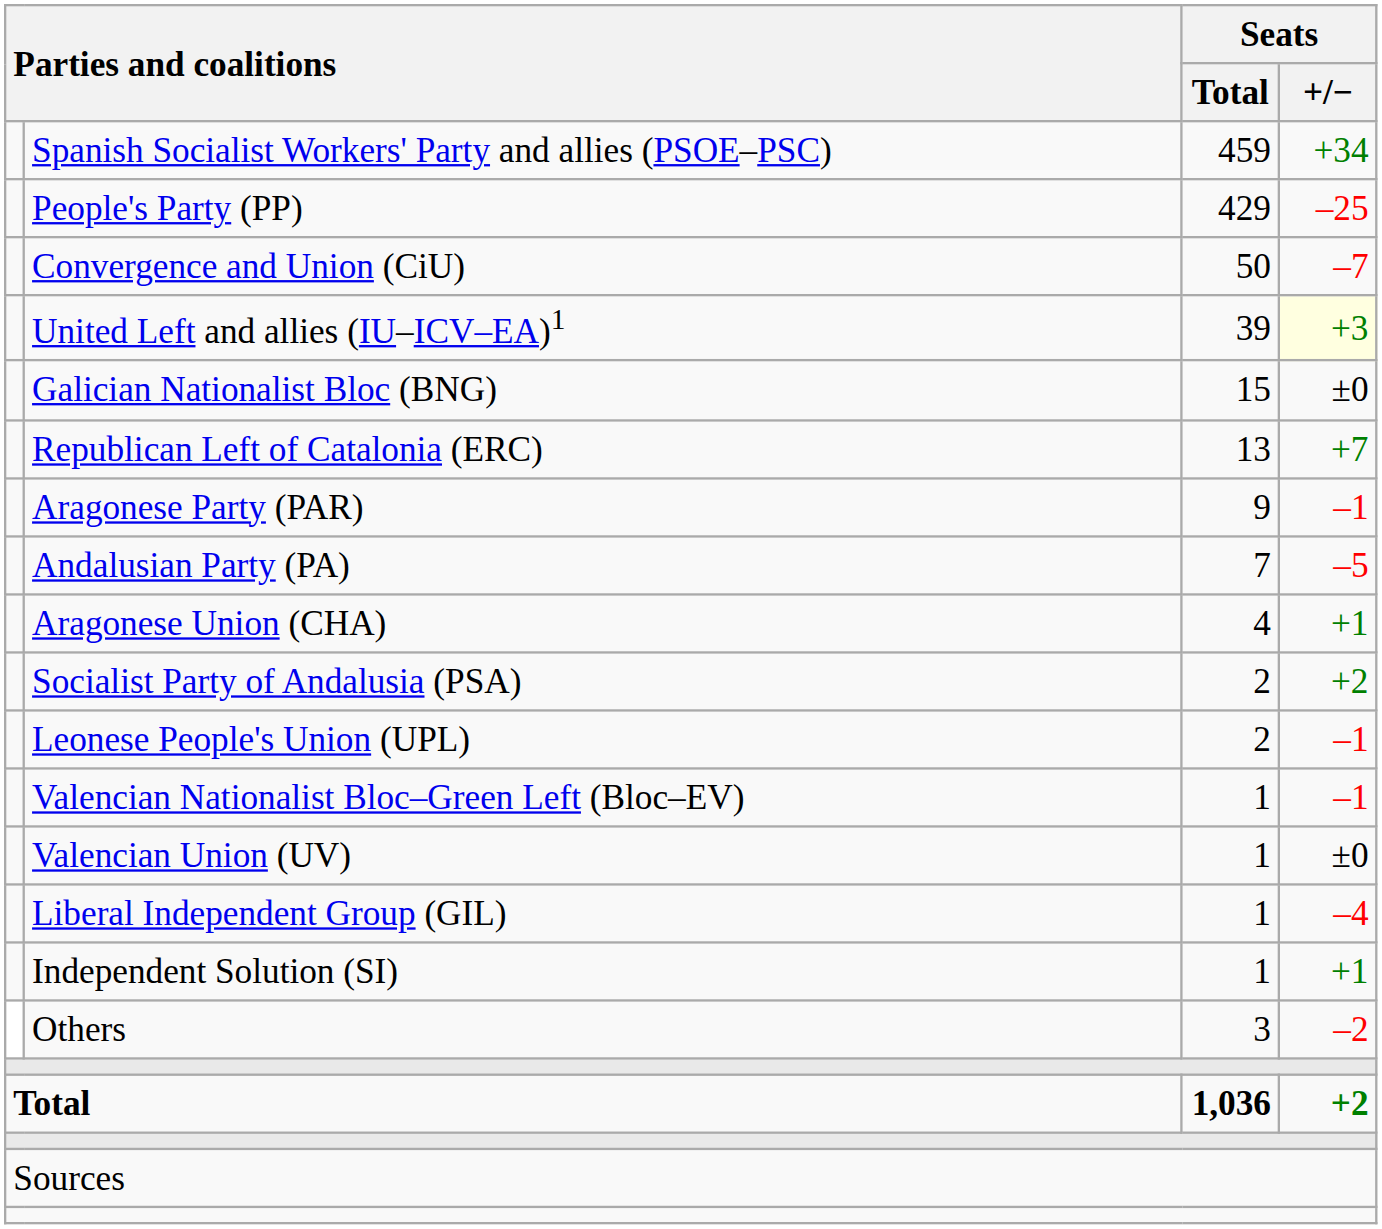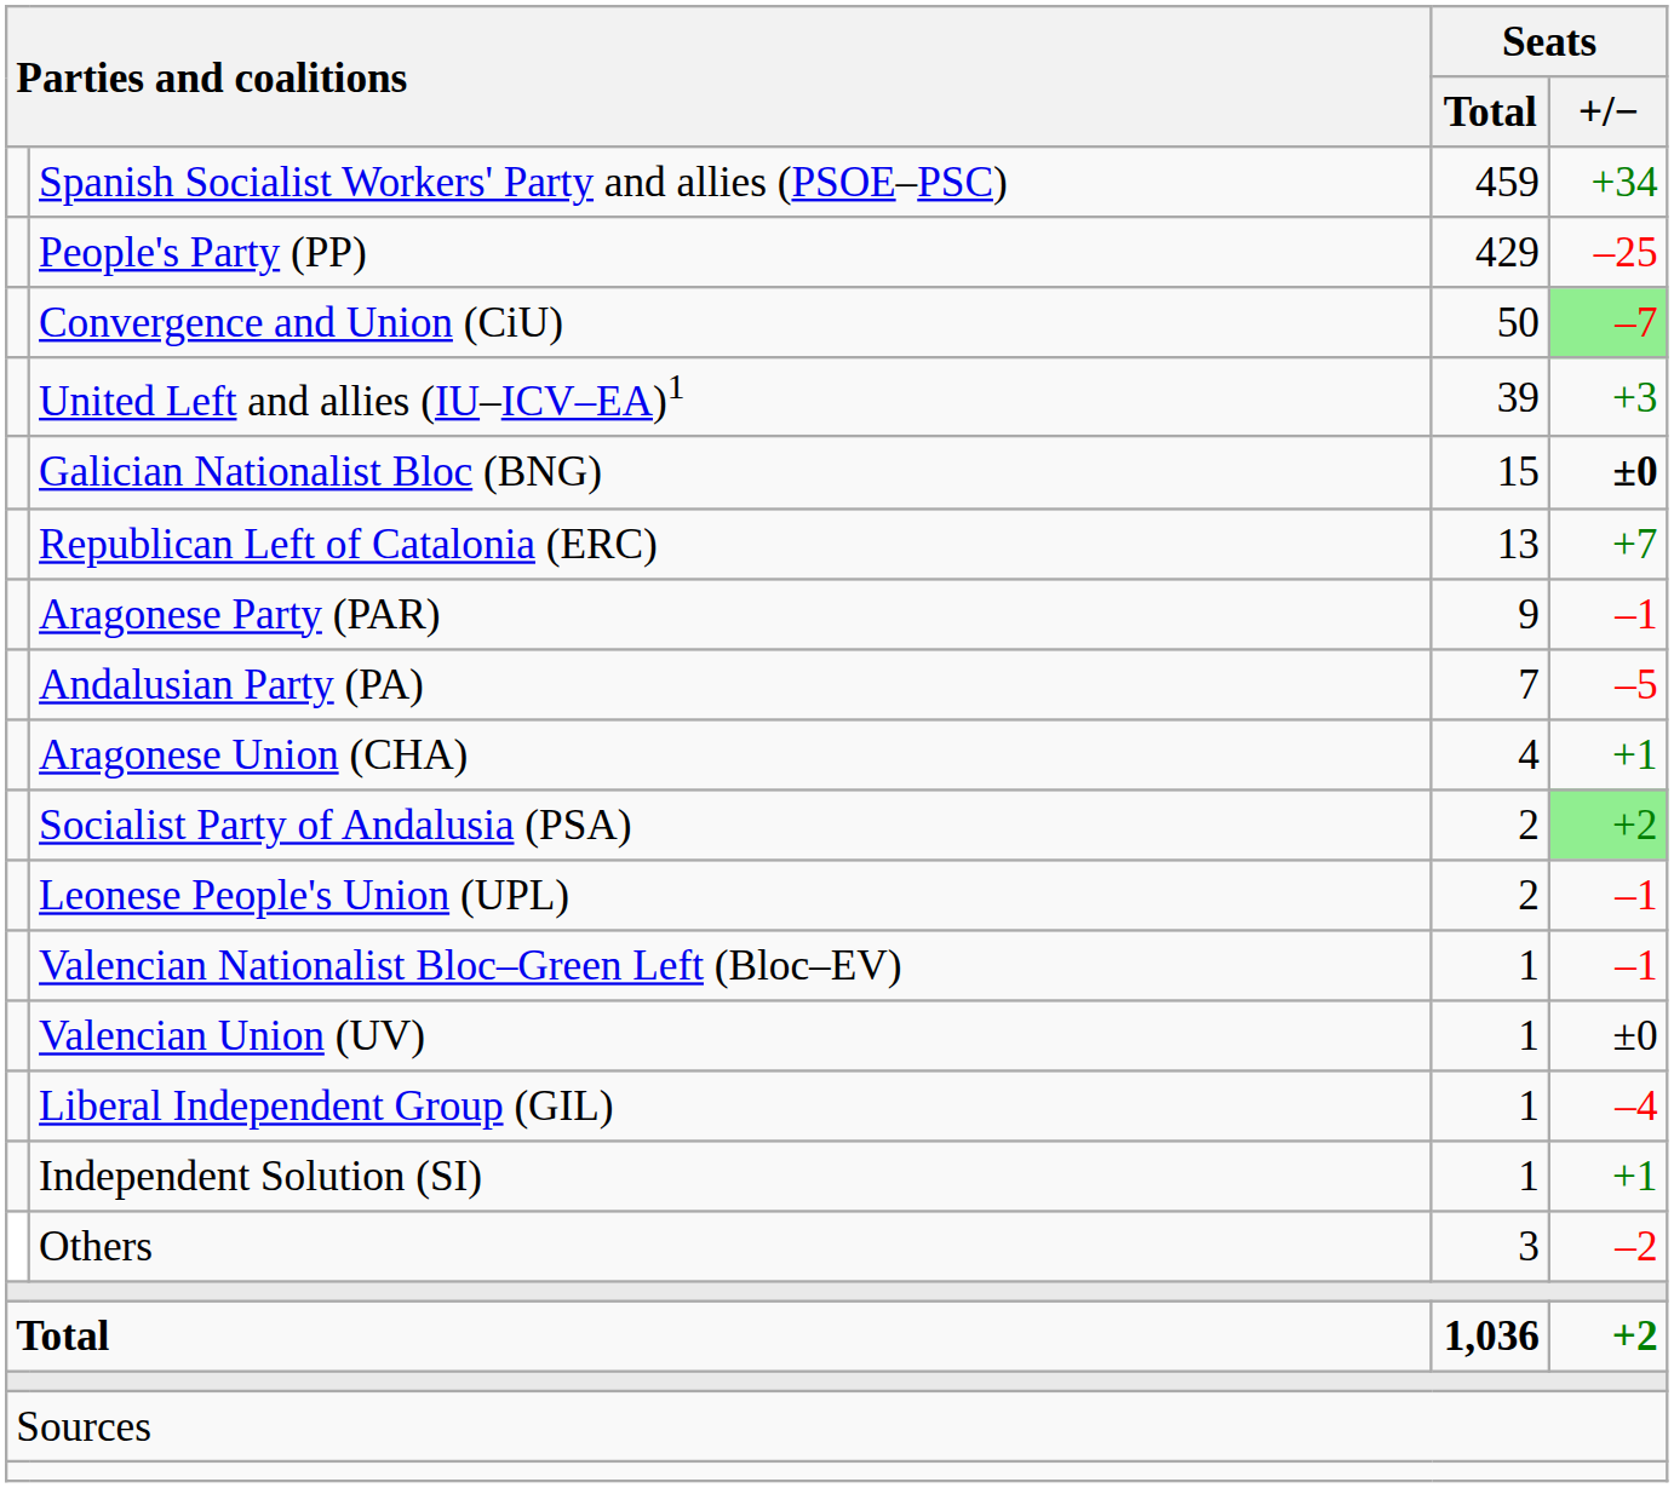 <table class="wikitable" style="text-align:right; font-size:95%;">
 <tr>
 <th style="text-align:left;" rowspan="2" colspan="2" width="500">Parties and coalitions</th>
 <th colspan="2">Seats</th>
 </tr>
 <tr>
 <th width="35">Total</th>
 <th width="35">+/−</th>
 </tr>
 <tr>
 <td width="1" style="color:inherit;background:"></td>
 <td align="left"><a href='#'>Spanish Socialist Workers' Party</a> and allies (<a href='#'>PSOE</a>–<a href='#'>PSC</a>)</td>
 <td>459</td>
 <td style="color:green;">+34</td>
 </tr>
 <tr>
 <td style="color:inherit;background:"></td>
 <td align="left"><a href='#'>People's Party</a> (PP)</td>
 <td>429</td>
 <td style="color:red;">–25</td>
 </tr>
 <tr>
 <td style="color:inherit;background:"></td>
 <td align="left"><a href='#'>Convergence and Union</a> (CiU)</td>
 <td>50</td>
-<td style="color:red;">–7</td>
+<td style="background: lightgreen; color:red;">–7</td>
 </tr>
 <tr>
 <td style="color:inherit;background:"></td>
 <td align="left"><a href='#'>United Left</a> and allies (<a href='#'>IU</a>–<a href='#'>ICV–EA</a>)<sup>1</sup></td>
 <td>39</td>
-<td style="background: lightyellow; color:green;">+3</td>
+<td style="color:green;">+3</td>
 </tr>
 <tr>
 <td style="color:inherit;background:"></td>
 <td align="left"><a href='#'>Galician Nationalist Bloc</a> (BNG)</td>
 <td>15</td>
-<td>±0</td>
+<td><strong>±0</strong></td>
 </tr>
 <tr>
 <td style="color:inherit;background:"></td>
 <td align="left"><a href='#'>Republican Left of Catalonia</a> (ERC)</td>
 <td>13</td>
 <td style="color:green;">+7</td>
 </tr>
 <tr>
 <td style="color:inherit;background:"></td>
 <td align="left"><a href='#'>Aragonese Party</a> (PAR)</td>
 <td>9</td>
 <td style="color:red;">–1</td>
 </tr>
 <tr>
 <td style="color:inherit;background:"></td>
 <td align="left"><a href='#'>Andalusian Party</a> (PA)</td>
 <td>7</td>
 <td style="color:red;">–5</td>
 </tr>
 <tr>
 <td style="color:inherit;background:"></td>
 <td align="left"><a href='#'>Aragonese Union</a> (CHA)</td>
 <td>4</td>
 <td style="color:green;">+1</td>
 </tr>
 <tr>
 <td style="color:inherit;background:"></td>
 <td align="left"><a href='#'>Socialist Party of Andalusia</a> (PSA)</td>
 <td>2</td>
-<td style="color:green;">+2</td>
+<td style="background: lightgreen; color:green;">+2</td>
 </tr>
 <tr>
 <td style="color:inherit;background:"></td>
 <td align="left"><a href='#'>Leonese People's Union</a> (UPL)</td>
 <td>2</td>
 <td style="color:red;">–1</td>
 </tr>
 <tr>
 <td style="color:inherit;background:"></td>
 <td align="left"><a href='#'>Valencian Nationalist Bloc–Green Left</a> (Bloc–EV)</td>
 <td>1</td>
 <td style="color:red;">–1</td>
 </tr>
 <tr>
 <td style="color:inherit;background:"></td>
 <td align="left"><a href='#'>Valencian Union</a> (UV)</td>
 <td>1</td>
 <td>±0</td>
 </tr>
 <tr>
 <td style="color:inherit;background:"></td>
 <td align="left"><a href='#'>Liberal Independent Group</a> (GIL)</td>
 <td>1</td>
 <td style="color:red;">–4</td>
 </tr>
 <tr>
 <td style="color:inherit;background:"></td>
 <td align="left">Independent Solution (SI)</td>
 <td>1</td>
 <td style="color:green;">+1</td>
 </tr>
 <tr>
 <td bgcolor="white"></td>
 <td align="left">Others</td>
 <td>3</td>
 <td style="color:red;">–2</td>
 </tr>
 <tr>
 <td colspan="4" bgcolor="#E9E9E9"></td>
 </tr>
 <tr style="font-weight:bold;">
 <td align="left" colspan="2">Total</td>
 <td>1,036</td>
 <td style="color:green;">+2</td>
 </tr>
 <tr>
 <td colspan="4" bgcolor="#E9E9E9"></td>
 </tr>
 <tr>
 <td align="left" colspan="4">Sources</td>
 </tr>
 <tr>
 <td colspan="4" style="text-align:left;font-size:95%;max-width:790px;"></td>
 </tr>
 </table>
